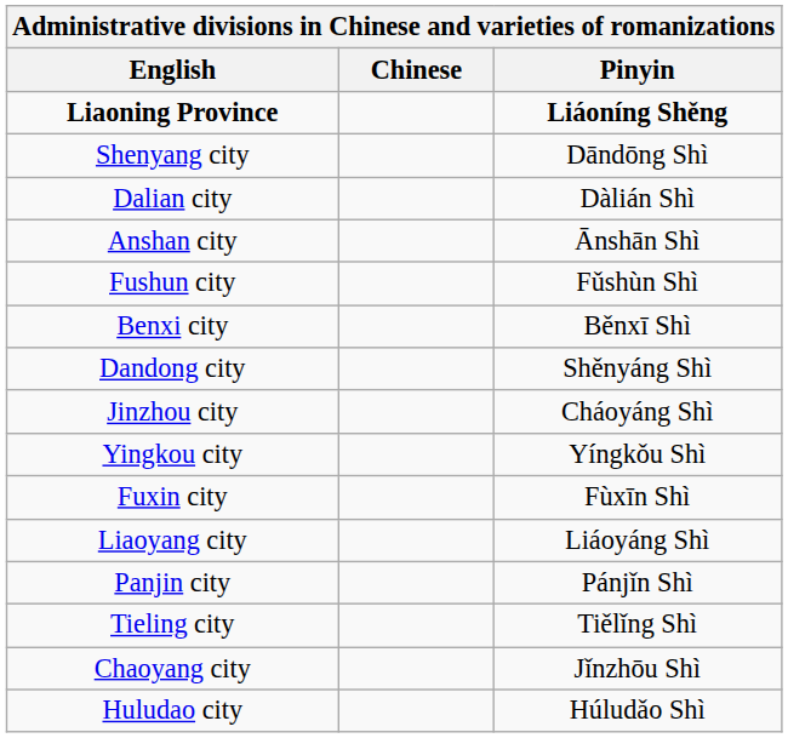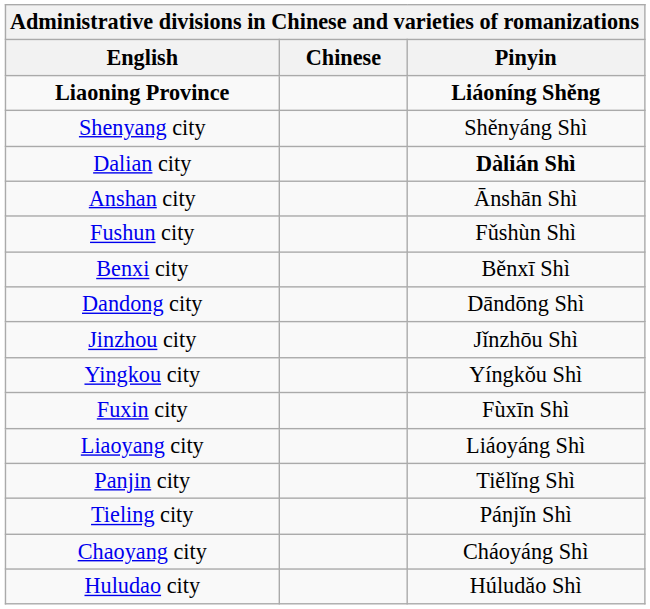 <table class="wikitable sortable collapsible collapsed" style="text-font:90%; width:auto; text-align:center; margin-left: auto; margin-right: auto;">
 <tr>
 <th colspan="5">Administrative divisions in Chinese and varieties of romanizations</th>
 </tr>
 <tr>
 <th>English</th>
 <th>Chinese</th>
 <th>Pinyin</th>
 </tr>
 <tr>
 <td><strong>Liaoning Province</strong></td>
 <td></td>
 <td><strong>Liáoníng Shěng</strong></td>
 </tr>
 <tr>
 <td><a href='#'>Shenyang</a> city</td>
 <td></td>
-<td>Dāndōng Shì</td>
+<td>Shěnyáng Shì</td>
 </tr>
 <tr>
 <td><a href='#'>Dalian</a> city</td>
 <td></td>
-<td>Dàlián Shì</td>
+<td><strong>Dàlián Shì</strong></td>
 </tr>
 <tr>
 <td><a href='#'>Anshan</a> city</td>
 <td></td>
 <td>Ānshān Shì</td>
 </tr>
 <tr>
 <td><a href='#'>Fushun</a> city</td>
 <td></td>
 <td>Fǔshùn Shì</td>
 </tr>
 <tr>
 <td><a href='#'>Benxi</a> city</td>
 <td></td>
 <td>Běnxī Shì</td>
 </tr>
 <tr>
 <td><a href='#'>Dandong</a> city</td>
 <td></td>
-<td>Shěnyáng Shì</td>
+<td>Dāndōng Shì</td>
 </tr>
 <tr>
 <td><a href='#'>Jinzhou</a> city</td>
 <td></td>
-<td>Cháoyáng Shì</td>
+<td>Jǐnzhōu Shì</td>
 </tr>
 <tr>
 <td><a href='#'>Yingkou</a> city</td>
 <td></td>
 <td>Yíngkǒu Shì</td>
 </tr>
 <tr>
 <td><a href='#'>Fuxin</a> city</td>
 <td></td>
 <td>Fùxīn Shì</td>
 </tr>
 <tr>
 <td><a href='#'>Liaoyang</a> city</td>
 <td></td>
 <td>Liáoyáng Shì</td>
 </tr>
 <tr>
 <td><a href='#'>Panjin</a> city</td>
 <td></td>
-<td>Pánjǐn Shì</td>
+<td>Tiělǐng Shì</td>
 </tr>
 <tr>
 <td><a href='#'>Tieling</a> city</td>
 <td></td>
-<td>Tiělǐng Shì</td>
+<td>Pánjǐn Shì</td>
 </tr>
 <tr>
 <td><a href='#'>Chaoyang</a> city</td>
 <td></td>
-<td>Jǐnzhōu Shì</td>
+<td>Cháoyáng Shì</td>
 </tr>
 <tr>
 <td><a href='#'>Huludao</a> city</td>
 <td></td>
 <td>Húludǎo Shì</td>
 </tr>
 </table>
